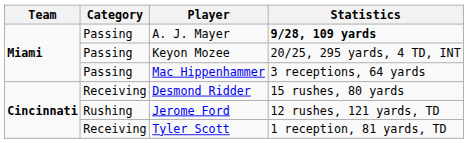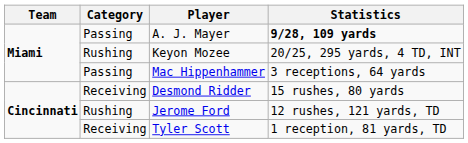 <table class="wikitable" style="float: left;">
 <tr>
 <th>Team</th>
 <th>Category</th>
 <th>Player</th>
 <th>Statistics</th>
 </tr>
 <tr>
 <td rowspan=3><strong>Miami</strong></td>
 <td>Passing</td>
 <td>A. J. Mayer</td>
 <td><strong>9/28, 109 yards</strong></td>
 </tr>
 <tr>
-<td>Passing</td>
+<td>Rushing</td>
 <td>Keyon Mozee</td>
 <td>20/25, 295 yards, 4 TD, INT</td>
 </tr>
 <tr>
 <td>Passing</td>
 <td><a href='#'>Mac Hippenhammer</a></td>
 <td>3 receptions, 64 yards</td>
 </tr>
 <tr>
 <td rowspan=3><strong>Cincinnati</strong></td>
 <td>Receiving</td>
 <td><a href='#'>Desmond Ridder</a></td>
 <td>15 rushes, 80 yards</td>
 </tr>
 <tr>
 <td>Rushing</td>
 <td><a href='#'>Jerome Ford</a></td>
 <td>12 rushes, 121 yards, TD</td>
 </tr>
 <tr>
 <td>Receiving</td>
 <td><a href='#'>Tyler Scott</a></td>
 <td>1 reception, 81 yards, TD</td>
 </tr>
 </table>
